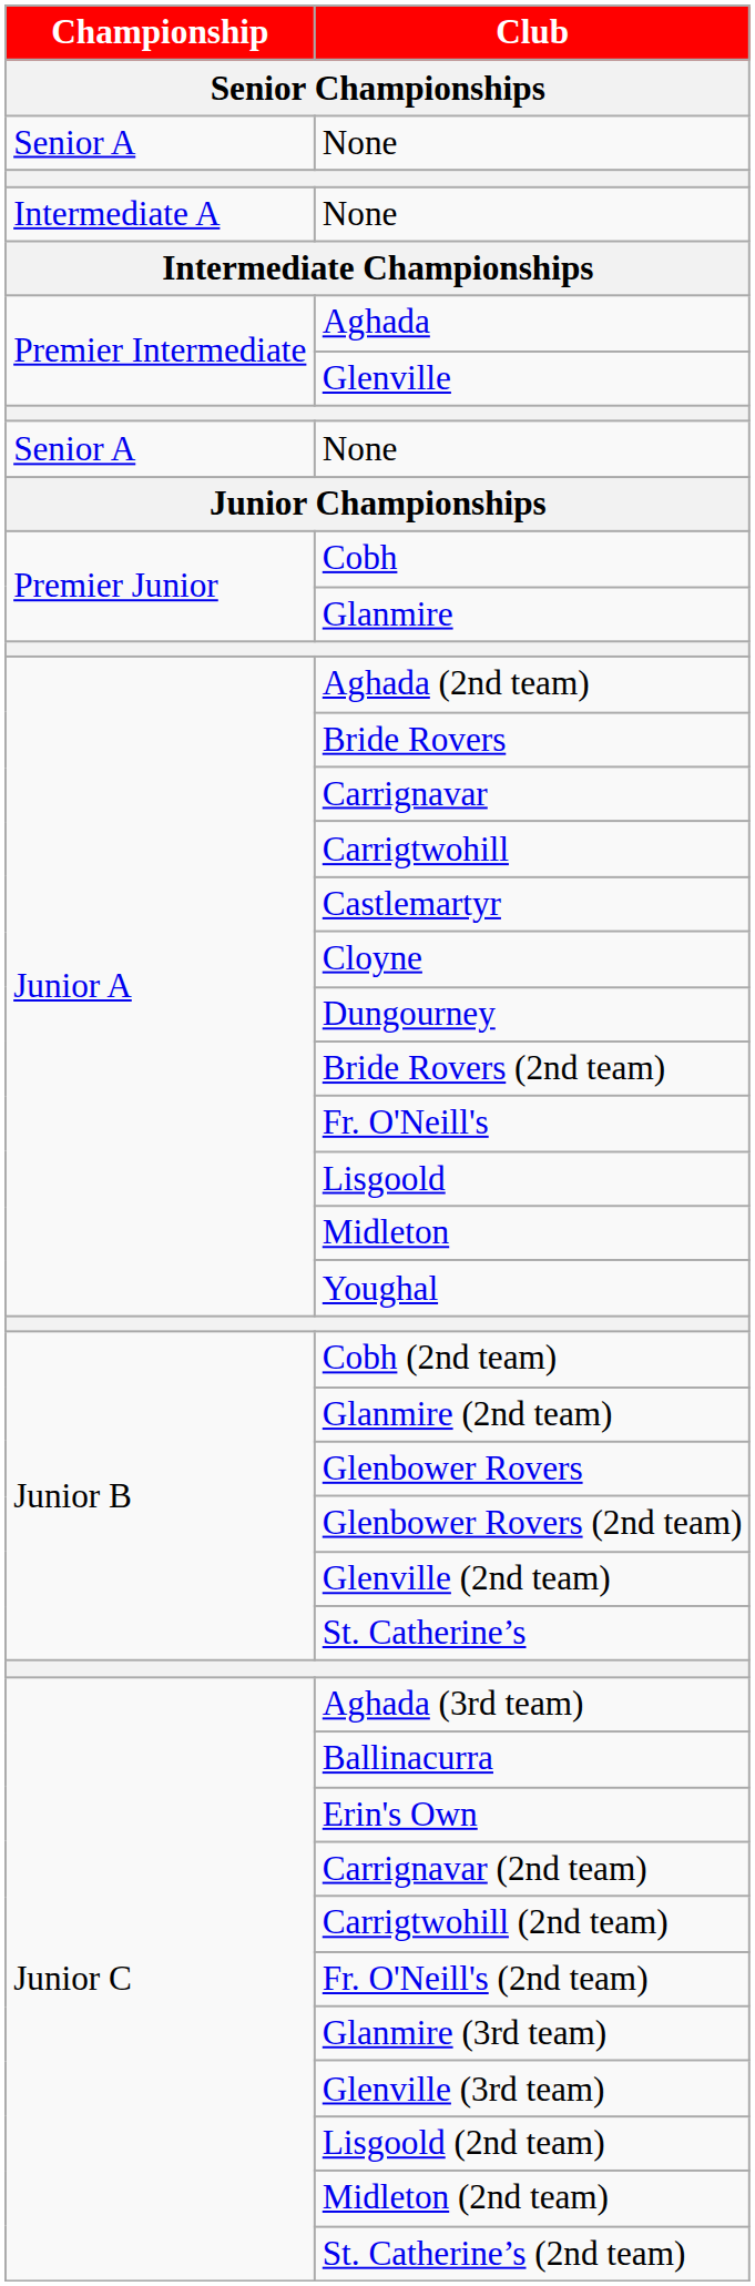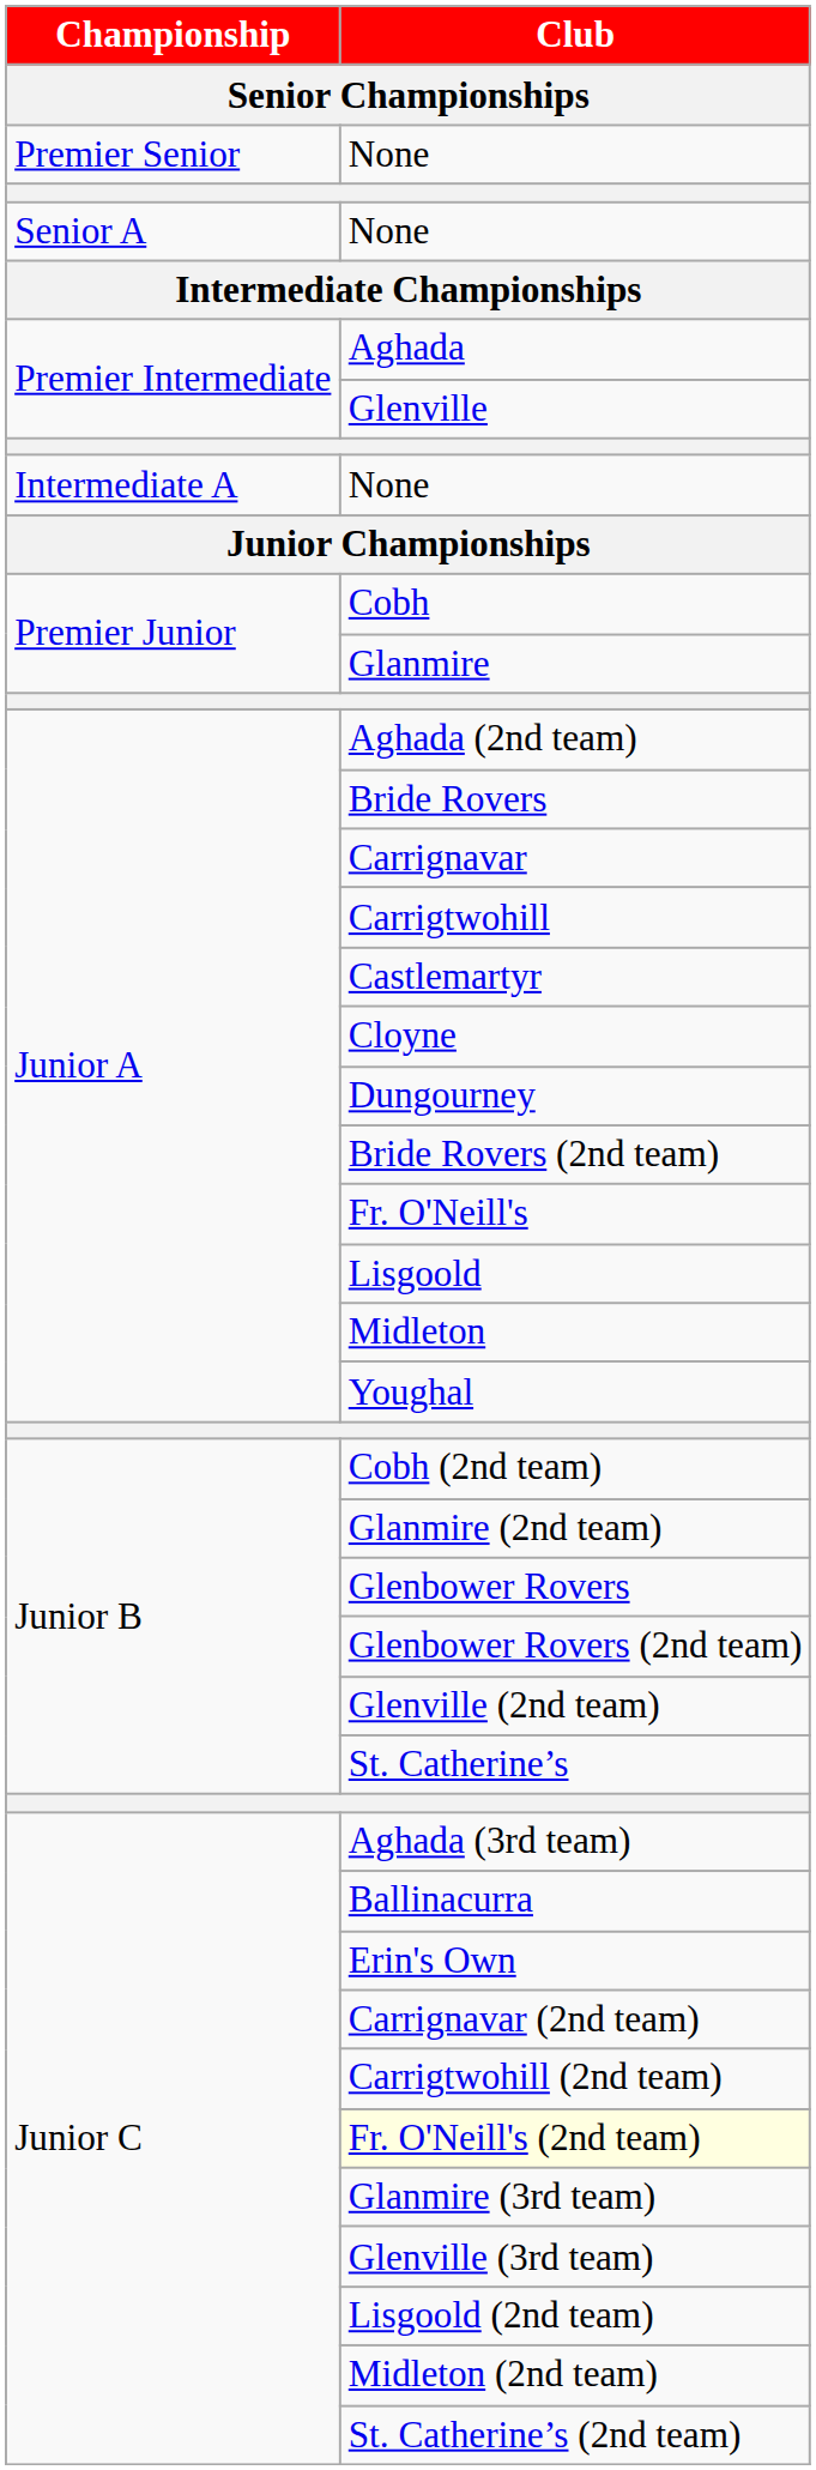 <table class="wikitable sortable">
 <tr>
 <th style="background:red;color:white">Championship</th>
 <th style="background:red;color:white">Club</th>
 </tr>
 <tr>
 <th colspan="2">Senior Championships</th>
 </tr>
 <tr>
-<td><a href='#'>Senior A</a></td>
+<td><a href='#'>Premier Senior</a></td>
 <td>None</td>
 </tr>
 <tr>
 <th colspan="2"></th>
 </tr>
 <tr>
-<td><a href='#'>Intermediate A</a></td>
+<td><a href='#'>Senior A</a></td>
 <td>None</td>
 </tr>
 <tr>
 <th colspan="2">Intermediate Championships</th>
 </tr>
 <tr>
 <td rowspan="2"><a href='#'>Premier Intermediate</a></td>
 <td> <a href='#'>Aghada</a></td>
 </tr>
 <tr>
 <td> <a href='#'>Glenville</a></td>
 </tr>
 <tr>
 <th colspan="2"></th>
 </tr>
 <tr>
-<td><a href='#'>Senior A</a></td>
+<td><a href='#'>Intermediate A</a></td>
 <td>None</td>
 </tr>
 <tr>
 <th colspan="2">Junior Championships</th>
 </tr>
 <tr>
 <td rowspan="2"><a href='#'>Premier Junior</a></td>
 <td> <a href='#'>Cobh</a></td>
 </tr>
 <tr>
 <td> <a href='#'>Glanmire</a></td>
 </tr>
 <tr>
 <th colspan="2"></th>
 </tr>
 <tr>
 <td rowspan="12"><a href='#'>Junior A</a></td>
 <td> <a href='#'>Aghada</a> (2nd team)</td>
 </tr>
 <tr>
 <td> <a href='#'>Bride Rovers</a></td>
 </tr>
 <tr>
 <td> <a href='#'>Carrignavar</a></td>
 </tr>
 <tr>
 <td> <a href='#'>Carrigtwohill</a></td>
 </tr>
 <tr>
 <td> <a href='#'>Castlemartyr</a></td>
 </tr>
 <tr>
 <td> <a href='#'>Cloyne</a></td>
 </tr>
 <tr>
 <td> <a href='#'>Dungourney</a></td>
 </tr>
 <tr>
 <td> <a href='#'>Bride Rovers</a> (2nd team)</td>
 </tr>
 <tr>
 <td> <a href='#'>Fr. O'Neill's</a></td>
 </tr>
 <tr>
 <td> <a href='#'>Lisgoold</a></td>
 </tr>
 <tr>
 <td> <a href='#'>Midleton</a></td>
 </tr>
 <tr>
 <td> <a href='#'>Youghal</a></td>
 </tr>
 <tr>
 <th colspan="2"></th>
 </tr>
 <tr>
 <td rowspan="6">Junior B</td>
 <td> <a href='#'>Cobh</a> (2nd team)</td>
 </tr>
 <tr>
 <td> <a href='#'>Glanmire</a> (2nd team)</td>
 </tr>
 <tr>
 <td> <a href='#'>Glenbower Rovers</a></td>
 </tr>
 <tr>
 <td> <a href='#'>Glenbower Rovers</a> (2nd team)</td>
 </tr>
 <tr>
 <td> <a href='#'>Glenville</a> (2nd team)</td>
 </tr>
 <tr>
 <td> <a href='#'>St. Catherine’s</a></td>
 </tr>
 <tr>
 <th colspan="2"></th>
 </tr>
 <tr>
 <td rowspan="11">Junior C</td>
 <td> <a href='#'>Aghada</a> (3rd team)</td>
 </tr>
 <tr>
 <td> <a href='#'>Ballinacurra</a></td>
 </tr>
 <tr>
 <td> <a href='#'>Erin's Own</a></td>
 </tr>
 <tr>
 <td> <a href='#'>Carrignavar</a> (2nd team)</td>
 </tr>
 <tr>
 <td> <a href='#'>Carrigtwohill</a> (2nd team)</td>
 </tr>
 <tr>
-<td> <a href='#'>Fr. O'Neill's</a> (2nd team)</td>
+<td style="background: lightyellow;"> <a href='#'>Fr. O'Neill's</a> (2nd team)</td>
 </tr>
 <tr>
 <td> <a href='#'>Glanmire</a> (3rd team)</td>
 </tr>
 <tr>
 <td> <a href='#'>Glenville</a> (3rd team)</td>
 </tr>
 <tr>
 <td> <a href='#'>Lisgoold</a> (2nd team)</td>
 </tr>
 <tr>
 <td> <a href='#'>Midleton</a> (2nd team)</td>
 </tr>
 <tr>
 <td> <a href='#'>St. Catherine’s</a> (2nd team)</td>
 </tr>
 </table>
